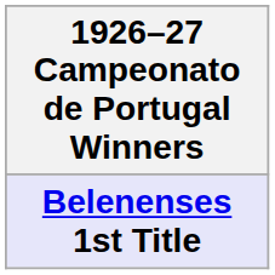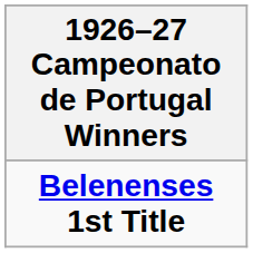 <table class="wikitable" style="text-align: center; margin: 0 auto; width: 20%">
 <tr>
 <th>1926–27 Campeonato de Portugal Winners</th>
 </tr>
 <tr>
-<td style="background: lavender;"><strong><a href='#'>Belenenses</a></strong><br><strong>1st Title</strong></td>
+<td><strong><a href='#'>Belenenses</a></strong><br><strong>1st Title</strong></td>
 </tr>
 </table>
